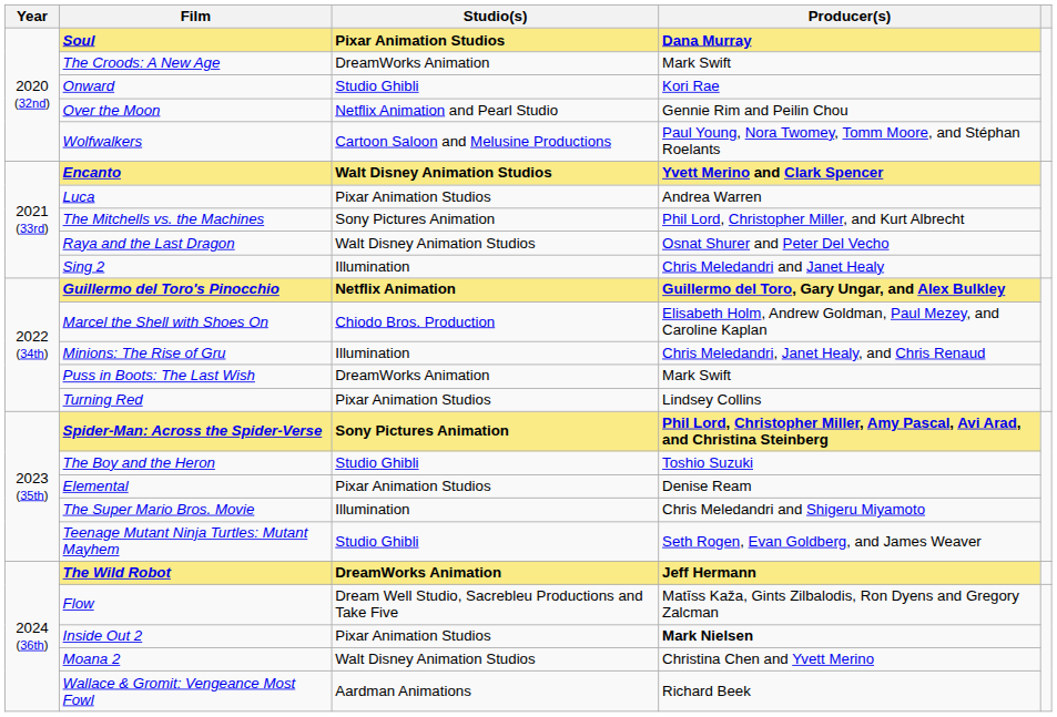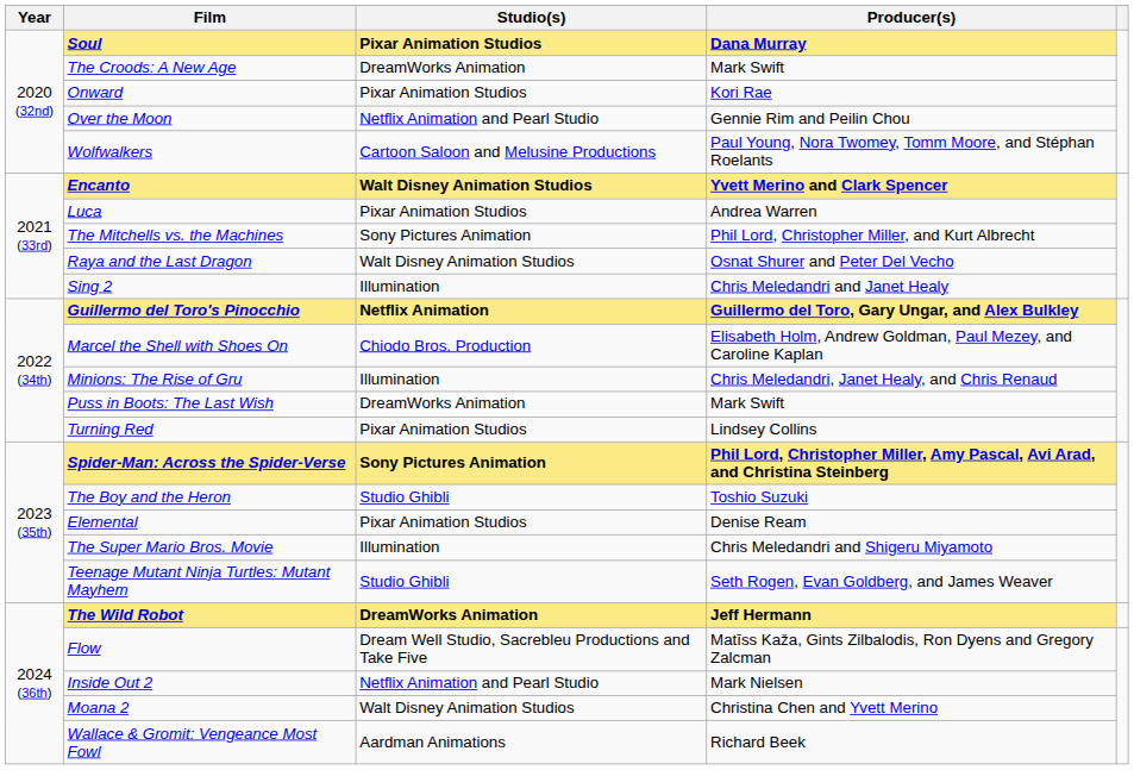 <table class="wikitable" width="90%" cellpadding="5">
 <tr>
 <th width="5%">Year</th>
 <th width="25%">Film</th>
 <th width="30%">Studio(s)</th>
 <th width="35%">Producer(s)</th>
 <th width="1%"><strong></strong></th>
 </tr>
 <tr>
 <td rowspan=5 style="text-align:center;">2020<br><small>(<a href='#'>32nd</a>)</small></td>
 <td style="background:#FAEB86;"><strong><em><a href='#'>Soul</a></em></strong></td>
 <td style="background:#FAEB86;"><strong>Pixar Animation Studios</strong></td>
 <td style="background:#FAEB86;"><strong><a href='#'>Dana Murray</a></strong></td>
 <td rowspan=5 style="text-align:center;"></td>
 </tr>
 <tr>
 <td><em><a href='#'>The Croods: A New Age</a></em></td>
 <td>DreamWorks Animation</td>
 <td>Mark Swift</td>
 </tr>
 <tr>
 <td><em><a href='#'>Onward</a></em></td>
-<td><a href='#'>Studio Ghibli</a></td>
+<td>Pixar Animation Studios</td>
 <td><a href='#'>Kori Rae</a></td>
 </tr>
 <tr>
 <td><em><a href='#'>Over the Moon</a></em></td>
 <td><a href='#'>Netflix Animation</a> and Pearl Studio</td>
 <td>Gennie Rim and Peilin Chou</td>
 </tr>
 <tr>
 <td><em><a href='#'>Wolfwalkers</a></em></td>
 <td><a href='#'>Cartoon Saloon</a> and <a href='#'>Melusine Productions</a></td>
 <td><a href='#'>Paul Young</a>, <a href='#'>Nora Twomey</a>, <a href='#'>Tomm Moore</a>, and Stéphan Roelants</td>
 </tr>
 <tr>
 <td rowspan=5 style="text-align:center;">2021<br><small>(<a href='#'>33rd</a>)</small></td>
 <td style="background:#FAEB86;"><strong><em><a href='#'>Encanto</a></em></strong></td>
 <td style="background:#FAEB86;"><strong>Walt Disney Animation Studios</strong></td>
 <td style="background:#FAEB86;"><strong><a href='#'>Yvett Merino</a> and <a href='#'>Clark Spencer</a></strong></td>
 <td rowspan=5 style="text-align:center;"></td>
 </tr>
 <tr>
 <td><em><a href='#'>Luca</a></em></td>
 <td>Pixar Animation Studios</td>
 <td>Andrea Warren</td>
 </tr>
 <tr>
 <td><em><a href='#'>The Mitchells vs. the Machines</a></em></td>
 <td>Sony Pictures Animation</td>
 <td><a href='#'>Phil Lord</a>, <a href='#'>Christopher Miller</a>, and Kurt Albrecht</td>
 </tr>
 <tr>
 <td><em><a href='#'>Raya and the Last Dragon</a></em></td>
 <td>Walt Disney Animation Studios</td>
 <td><a href='#'>Osnat Shurer</a> and <a href='#'>Peter Del Vecho</a></td>
 </tr>
 <tr>
 <td><em><a href='#'>Sing 2</a></em></td>
 <td>Illumination</td>
 <td><a href='#'>Chris Meledandri</a> and <a href='#'>Janet Healy</a></td>
 </tr>
 <tr>
 <td rowspan=5 style="text-align:center;">2022<br><small>(<a href='#'>34th</a>)</small></td>
 <td style="background:#FAEB86;"><strong><em><a href='#'>Guillermo del Toro's Pinocchio</a></em></strong></td>
 <td style="background:#FAEB86;"><strong>Netflix Animation</strong></td>
 <td style="background:#FAEB86;"><strong><a href='#'>Guillermo del Toro</a>, Gary Ungar, and <a href='#'>Alex Bulkley</a></strong></td>
 <td rowspan=5 style="text-align:center;"></td>
 </tr>
 <tr>
 <td><em><a href='#'>Marcel the Shell with Shoes On</a></em></td>
 <td><a href='#'>Chiodo Bros. Production</a></td>
 <td><a href='#'>Elisabeth Holm</a>, Andrew Goldman, <a href='#'>Paul Mezey</a>, and Caroline Kaplan</td>
 </tr>
 <tr>
 <td><em><a href='#'>Minions: The Rise of Gru</a></em></td>
 <td>Illumination</td>
 <td><a href='#'>Chris Meledandri</a>, <a href='#'>Janet Healy</a>, and <a href='#'>Chris Renaud</a></td>
 </tr>
 <tr>
 <td><em><a href='#'>Puss in Boots: The Last Wish</a></em></td>
 <td>DreamWorks Animation</td>
 <td>Mark Swift</td>
 </tr>
 <tr>
 <td><em><a href='#'>Turning Red</a></em></td>
 <td>Pixar Animation Studios</td>
 <td>Lindsey Collins</td>
 </tr>
 <tr>
 <td rowspan=5 style="text-align:center;">2023<br><small>(<a href='#'>35th</a>)</small></td>
 <td style="background:#FAEB86;"><strong><em><a href='#'>Spider-Man: Across the Spider-Verse</a></em></strong></td>
 <td style="background:#FAEB86;"><strong>Sony Pictures Animation</strong></td>
 <td style="background:#FAEB86;"><strong><a href='#'>Phil Lord</a>, <a href='#'>Christopher Miller</a>, <a href='#'>Amy Pascal</a>, <a href='#'>Avi Arad</a>, and Christina Steinberg</strong></td>
 <td rowspan=5 style="text-align:center;"></td>
 </tr>
 <tr>
 <td><em><a href='#'>The Boy and the Heron</a></em></td>
 <td><a href='#'>Studio Ghibli</a></td>
 <td><a href='#'>Toshio Suzuki</a></td>
 </tr>
 <tr>
 <td><em><a href='#'>Elemental</a></em></td>
 <td>Pixar Animation Studios</td>
 <td>Denise Ream</td>
 </tr>
 <tr>
 <td><em><a href='#'>The Super Mario Bros. Movie</a></em></td>
 <td>Illumination</td>
 <td>Chris Meledandri and <a href='#'>Shigeru Miyamoto</a></td>
 </tr>
 <tr>
 <td><em><a href='#'>Teenage Mutant Ninja Turtles: Mutant Mayhem</a></em></td>
 <td><a href='#'>Studio Ghibli</a></td>
 <td><a href='#'>Seth Rogen</a>, <a href='#'>Evan Goldberg</a>, and James Weaver</td>
 </tr>
 <tr>
 <td rowspan=5 style="text-align:center;">2024<br><small>(<a href='#'>36th</a>)</small></td>
 <td style="background:#FAEB86;"><strong><em><a href='#'>The Wild Robot</a></em></strong></td>
 <td style="background:#FAEB86;"><strong>DreamWorks Animation</strong></td>
 <td style="background:#FAEB86;"><strong>Jeff Hermann</strong></td>
 </tr>
 <tr>
 <td><em><a href='#'>Flow</a></em></td>
 <td>Dream Well Studio, Sacrebleu Productions and Take Five</td>
 <td>Matīss Kaža, Gints Zilbalodis, Ron Dyens and Gregory Zalcman</td>
 <td rowspan=5 style="text-align:center;"></td>
 </tr>
 <tr>
 <td><em><a href='#'>Inside Out 2</a></em></td>
-<td>Pixar Animation Studios</td>
-<td><strong>Mark Nielsen</strong></td>
+<td><a href='#'>Netflix Animation</a> and Pearl Studio</td>
+<td>Mark Nielsen</td>
 </tr>
 <tr>
 <td><em><a href='#'>Moana 2</a></em></td>
 <td>Walt Disney Animation Studios</td>
 <td>Christina Chen and <a href='#'>Yvett Merino</a></td>
 </tr>
 <tr>
 <td><em><a href='#'>Wallace & Gromit: Vengeance Most Fowl</a></em></td>
 <td>Aardman Animations</td>
 <td>Richard Beek</td>
 </tr>
 </table>
